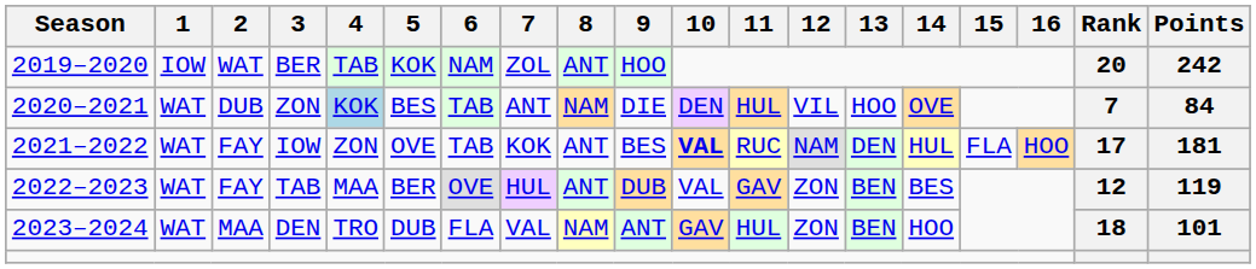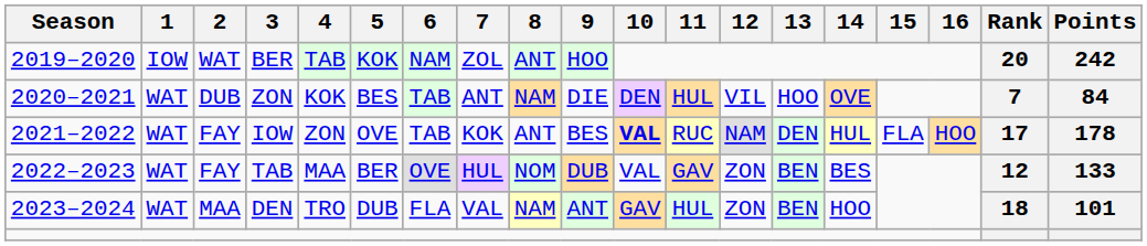 <table class="wikitable" style="text-align:center; font-size:95%">
 <tr>
 <th>Season</th>
 <th>1</th>
 <th>2</th>
 <th>3</th>
 <th>4</th>
 <th>5</th>
 <th>6</th>
 <th>7</th>
 <th>8</th>
 <th>9</th>
 <th>10</th>
 <th>11</th>
 <th>12</th>
 <th>13</th>
 <th>14</th>
 <th>15</th>
 <th>16</th>
 <th>Rank</th>
 <th>Points</th>
 </tr>
 <tr>
 <td><a href='#'>2019–2020</a></td>
 <td><a href='#'>IOW</a><br></td>
 <td><a href='#'>WAT</a><br></td>
 <td><a href='#'>BER</a><br></td>
 <td bgcolor="#dfffdf"><a href='#'>TAB</a><br></td>
 <td bgcolor="#dfffdf"><a href='#'>KOK</a><br></td>
 <td bgcolor="#dfffdf"><a href='#'>NAM</a><br></td>
 <td><a href='#'>ZOL</a><br></td>
 <td bgcolor="#dfffdf"><a href='#'>ANT</a><br></td>
 <td bgcolor="#dfffdf"><a href='#'>HOO</a><br></td>
 <td colspan=7></td>
 <th>20</th>
 <th>242</th>
 </tr>
 <tr>
 <td><a href='#'>2020–2021</a></td>
 <td><a href='#'>WAT</a><br></td>
 <td><a href='#'>DUB</a><br></td>
 <td><a href='#'>ZON</a><br></td>
-<td style="background: lightblue;"><a href='#'>KOK</a><br></td>
+<td><a href='#'>KOK</a><br></td>
 <td><a href='#'>BES</a><br></td>
 <td bgcolor="#dfffdf"><a href='#'>TAB</a><br></td>
 <td><a href='#'>ANT</a><br></td>
 <td bgcolor="#ffdf9f"><a href='#'>NAM</a><br></td>
 <td><a href='#'>DIE</a><br></td>
 <td bgcolor="#efcfff"><a href='#'>DEN</a><br></td>
 <td bgcolor="#ffdf9f"><a href='#'>HUL</a><br></td>
 <td><a href='#'>VIL</a><br></td>
 <td><a href='#'>HOO</a><br></td>
 <td bgcolor="#ffdf9f"><a href='#'>OVE</a><br></td>
 <td colspan=2></td>
 <th>7</th>
 <th>84</th>
 </tr>
 <tr>
 <td><a href='#'>2021–2022</a></td>
 <td><a href='#'>WAT</a><br></td>
 <td><a href='#'>FAY</a><br></td>
 <td><a href='#'>IOW</a><br></td>
 <td><a href='#'>ZON</a><br></td>
 <td><a href='#'>OVE</a><br></td>
 <td><a href='#'>TAB</a><br></td>
 <td><a href='#'>KOK</a><br></td>
 <td><a href='#'>ANT</a><br></td>
 <td><a href='#'>BES</a><br></td>
 <td bgcolor="#ffdf9f"><strong><a href='#'>VAL</a><br></strong></td>
 <td bgcolor="#ffffbf"><a href='#'>RUC</a><br></td>
 <td bgcolor="#dfdfdf"><a href='#'>NAM</a><br></td>
 <td bgcolor="#dfffdf"><a href='#'>DEN</a><br></td>
 <td bgcolor="#ffffbf"><a href='#'>HUL</a><br></td>
 <td><a href='#'>FLA</a><br></td>
 <td bgcolor="#ffdf9f"><a href='#'>HOO</a><br></td>
 <th>17</th>
-<th>181</th>
+<th>178</th>
 </tr>
 <tr>
 <td><a href='#'>2022–2023</a></td>
 <td><a href='#'>WAT</a><br></td>
 <td><a href='#'>FAY</a><br></td>
 <td><a href='#'>TAB</a><br></td>
 <td><a href='#'>MAA</a><br></td>
 <td><a href='#'>BER</a><br></td>
 <td bgcolor="#dfdfdf"><a href='#'>OVE</a><br></td>
 <td bgcolor="#efcfff"><a href='#'>HUL</a><br></td>
-<td bgcolor="#dfffdf"><a href='#'>ANT</a><br></td>
+<td bgcolor="#dfffdf"><a href='#'>NOM</a><br></td>
 <td bgcolor="#ffdf9f"><a href='#'>DUB</a><br></td>
 <td><a href='#'>VAL</a><br></td>
 <td bgcolor="#ffdf9f"><a href='#'>GAV</a><br></td>
 <td><a href='#'>ZON</a><br></td>
 <td bgcolor="#dfffdf"><a href='#'>BEN</a><br></td>
 <td><a href='#'>BES</a><br></td>
 <td colspan=2 rowspan=2></td>
 <th>12</th>
-<th>119</th>
+<th>133</th>
 </tr>
 <tr>
 <td><a href='#'>2023–2024</a></td>
 <td><a href='#'>WAT</a><br></td>
 <td><a href='#'>MAA</a><br></td>
 <td><a href='#'>DEN</a><br></td>
 <td><a href='#'>TRO</a><br></td>
 <td><a href='#'>DUB</a><br></td>
 <td><a href='#'>FLA</a><br></td>
 <td><a href='#'>VAL</a><br></td>
 <td bgcolor="#ffffbf"><a href='#'>NAM</a><br></td>
 <td bgcolor="#dfffdf"><a href='#'>ANT</a><br></td>
 <td bgcolor="#ffdf9f"><a href='#'>GAV</a><br></td>
 <td bgcolor="#dfffdf"><a href='#'>HUL</a><br></td>
 <td><a href='#'>ZON</a><br></td>
 <td bgcolor="#dfffdf"><a href='#'>BEN</a><br></td>
 <td><a href='#'>HOO</a><br></td>
 <th>18</th>
 <th>101</th>
 </tr>
 <tr>
 <td colspan=17></td>
 <th></th>
 <th></th>
 </tr>
 </table>
